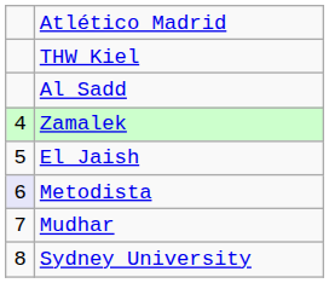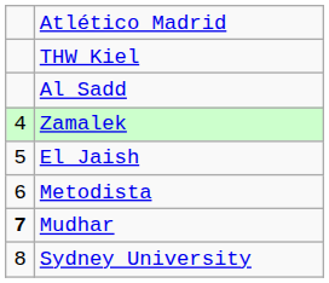 <table class="wikitable" width="200px">
 <tr>
 <td align=center></td>
 <td> <a href='#'>Atlético Madrid</a></td>
 </tr>
 <tr>
 <td align=center></td>
 <td> <a href='#'>THW Kiel</a></td>
 </tr>
 <tr>
 <td align=center></td>
 <td> <a href='#'>Al Sadd</a></td>
 </tr>
 <tr>
 <td align=center bgcolor=#ccffcc>4</td>
 <td bgcolor=#ccffcc> <a href='#'>Zamalek</a></td>
 </tr>
 <tr>
 <td align=center>5</td>
 <td> <a href='#'>El Jaish</a></td>
 </tr>
 <tr>
-<td align=center style="background: lavender;">6</td>
+<td align=center>6</td>
 <td> <a href='#'>Metodista</a></td>
 </tr>
 <tr>
-<td align=center>7</td>
+<td align=center><strong>7</strong></td>
 <td> <a href='#'>Mudhar</a></td>
 </tr>
 <tr>
 <td align=center>8</td>
 <td> <a href='#'>Sydney University</a></td>
 </tr>
 </table>
